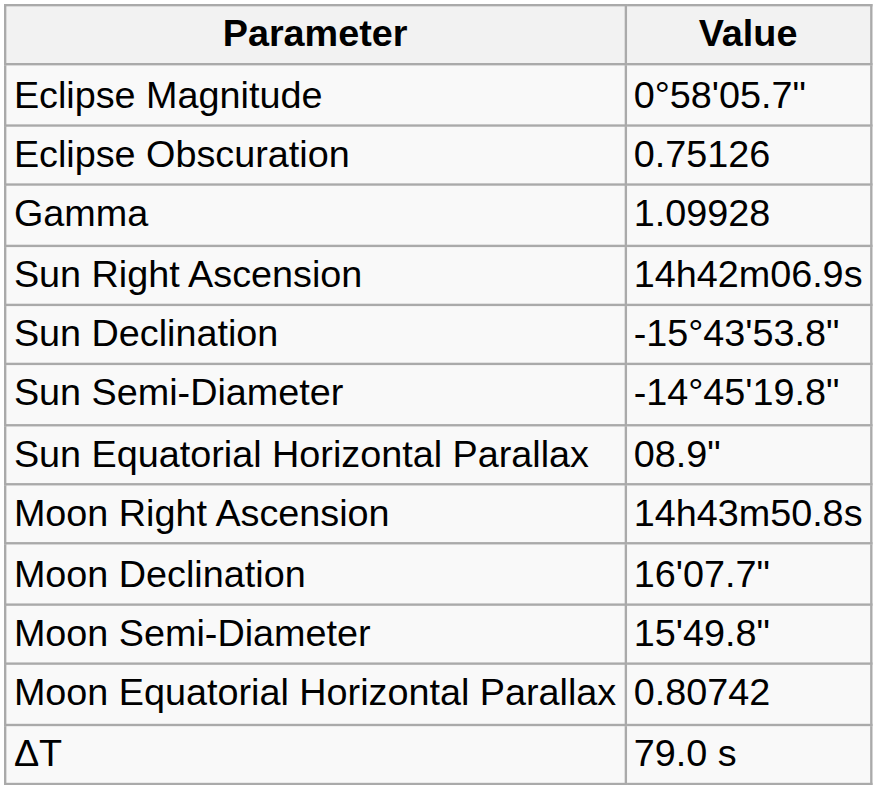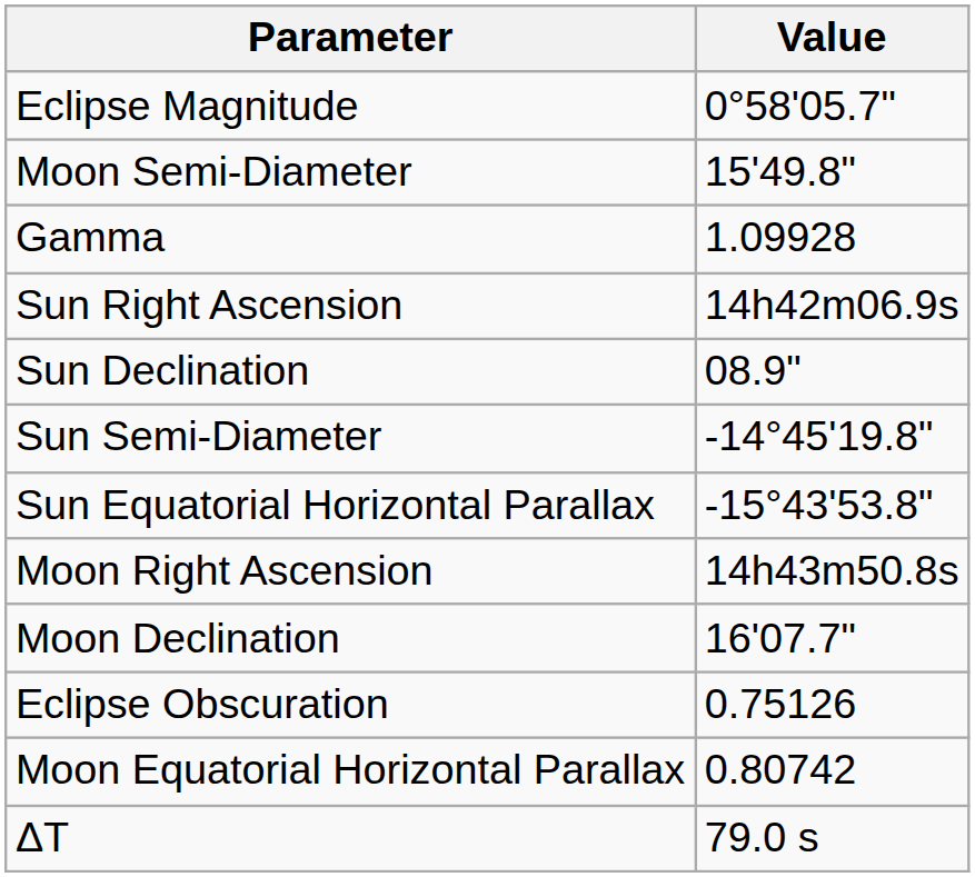 <table class="wikitable">
 <tr>
 <th>Parameter</th>
 <th>Value</th>
 </tr>
 <tr>
 <td>Eclipse Magnitude</td>
 <td>0°58'05.7"</td>
 </tr>
 <tr>
-<td>Eclipse Obscuration</td>
-<td>0.75126</td>
+<td>Moon Semi-Diameter</td>
+<td>15'49.8"</td>
 </tr>
 <tr>
 <td>Gamma</td>
 <td>1.09928</td>
 </tr>
 <tr>
 <td>Sun Right Ascension</td>
 <td>14h42m06.9s</td>
 </tr>
 <tr>
 <td>Sun Declination</td>
-<td>-15°43'53.8"</td>
+<td>08.9"</td>
 </tr>
 <tr>
 <td>Sun Semi-Diameter</td>
 <td>-14°45'19.8"</td>
 </tr>
 <tr>
 <td>Sun Equatorial Horizontal Parallax</td>
-<td>08.9"</td>
+<td>-15°43'53.8"</td>
 </tr>
 <tr>
 <td>Moon Right Ascension</td>
 <td>14h43m50.8s</td>
 </tr>
 <tr>
 <td>Moon Declination</td>
 <td>16'07.7"</td>
 </tr>
 <tr>
-<td>Moon Semi-Diameter</td>
-<td>15'49.8"</td>
+<td>Eclipse Obscuration</td>
+<td>0.75126</td>
 </tr>
 <tr>
 <td>Moon Equatorial Horizontal Parallax</td>
 <td>0.80742</td>
 </tr>
 <tr>
 <td>ΔT</td>
 <td>79.0 s</td>
 </tr>
 </table>
